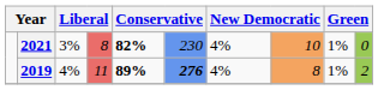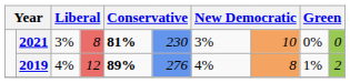 <table class="wikitable" style="float:right; width:400; font-size:90%; margin-left:1em;">
 <tr>
 <th colspan="2" scope="col">Year</th>
 <th colspan="2" scope="col"><a href='#'>Liberal</a></th>
 <th colspan="2" scope="col"><a href='#'>Conservative</a></th>
 <th colspan="2" scope="col"><a href='#'>New Democratic</a></th>
 <th colspan="2" scope="col"><a href='#'>Green</a></th>
 </tr>
 <tr>
 <td rowspan="2" style="width: 0.25em; background-color: "></td>
 <th><a href='#'>2021</a></th>
 <td>3%</td>
 <td style="text-align:right; background:#EA6D6A;"><em>8</em></td>
-<td><strong>82%</strong></td>
+<td><strong>81%</strong></td>
 <td style="text-align:right; background:#6495ED;"><em>230</em></td>
-<td>4%</td>
+<td>3%</td>
 <td style="text-align:right; background:#F4A460;"><em>10</em></td>
-<td>1%</td>
+<td>0%</td>
 <td style="text-align:right; background:#99C955;"><em>0</em></td>
 </tr>
 <tr>
 <th><a href='#'>2019</a></th>
 <td>4%</td>
-<td style="text-align:right; background:#EA6D6A;"><em>11</em></td>
+<td style="text-align:right; background:#EA6D6A;"><em>12</em></td>
 <td><strong>89%</strong></td>
-<td style="text-align:right; background:#6495ED;"><strong><em>276</em></strong></td>
+<td style="text-align:right; background:#6495ED;"><em>276</em></td>
 <td>4%</td>
 <td style="text-align:right; background:#F4A460;"><em>8</em></td>
 <td>1%</td>
 <td style="text-align:right; background:#99C955;"><em>2</em></td>
 </tr>
 <tr>
 </tr>
 </table>
